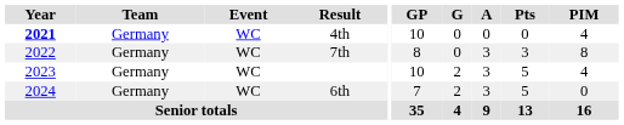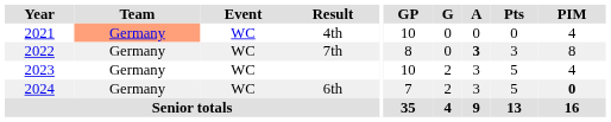 <table border="0" cellpadding="1" cellspacing="0" ID="Table3" style="text-align:center; width:40em">
 <tr ALIGN="center" bgcolor="#e0e0e0">
 <th>Year</th>
 <th>Team</th>
 <th>Event</th>
 <th>Result</th>
 <th rowspan="99" bgcolor="#fff"></th>
 <th>GP</th>
 <th>G</th>
 <th>A</th>
 <th>Pts</th>
 <th>PIM</th>
 </tr>
 <tr>
-<td><strong><a href='#'>2021</a></strong></td>
-<td><a href='#'>Germany</a></td>
+<td><a href='#'>2021</a></td>
+<td style="background: lightsalmon;"><a href='#'>Germany</a></td>
 <td><a href='#'>WC</a></td>
 <td>4th</td>
 <td>10</td>
 <td>0</td>
 <td>0</td>
 <td>0</td>
 <td>4</td>
 </tr>
 <tr bgcolor="#f0f0f0">
 <td><a href='#'>2022</a></td>
 <td>Germany</td>
 <td>WC</td>
 <td>7th</td>
 <td>8</td>
 <td>0</td>
-<td>3</td>
+<td><strong>3</strong></td>
 <td>3</td>
 <td>8</td>
 </tr>
 <tr>
 <td><a href='#'>2023</a></td>
 <td>Germany</td>
 <td>WC</td>
 <td></td>
 <td>10</td>
 <td>2</td>
 <td>3</td>
 <td>5</td>
 <td>4</td>
 </tr>
 <tr bgcolor="#f0f0f0">
 <td><a href='#'>2024</a></td>
 <td>Germany</td>
 <td>WC</td>
 <td>6th</td>
 <td>7</td>
 <td>2</td>
 <td>3</td>
 <td>5</td>
-<td>0</td>
+<td><strong>0</strong></td>
 </tr>
 <tr bgcolor="#e0e0e0">
 <th colspan="4">Senior totals</th>
 <th>35</th>
 <th>4</th>
 <th>9</th>
 <th>13</th>
 <th>16</th>
 </tr>
 </table>
